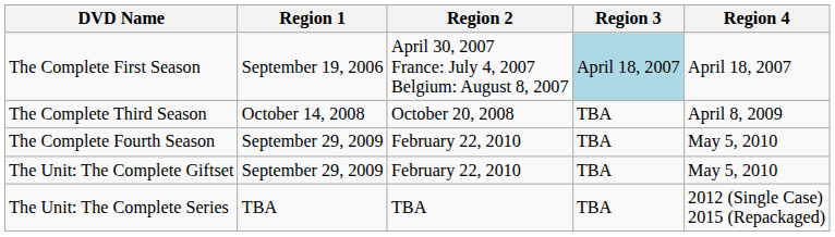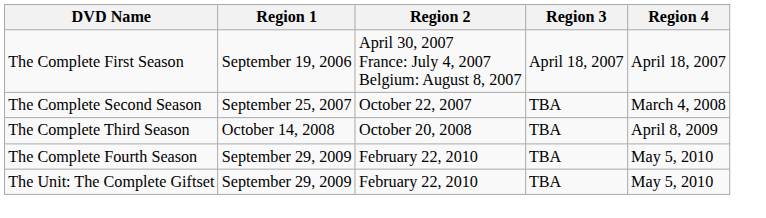 <table class="wikitable">
 <tr>
 <th>DVD Name</th>
 <th>Region 1</th>
 <th>Region 2</th>
 <th>Region 3</th>
 <th>Region 4</th>
 </tr>
 <tr>
 <td>The Complete First Season</td>
 <td>September 19, 2006</td>
 <td>April 30, 2007<br>France: July 4, 2007 <br> Belgium: August 8, 2007</td>
-<td style="background: lightblue;">April 18, 2007</td>
 <td>April 18, 2007</td>
+<td>April 18, 2007</td>
+</tr>
+<tr>
+<td>The Complete Second Season</td>
+<td>September 25, 2007</td>
+<td>October 22, 2007</td>
+<td>TBA</td>
+<td>March 4, 2008</td>
 </tr>
 <tr>
 <td>The Complete Third Season</td>
 <td>October 14, 2008</td>
 <td>October 20, 2008</td>
 <td>TBA</td>
 <td>April 8, 2009</td>
 </tr>
 <tr>
 <td>The Complete Fourth Season</td>
 <td>September 29, 2009</td>
 <td>February 22, 2010</td>
 <td>TBA</td>
 <td>May 5, 2010</td>
 </tr>
 <tr>
 <td>The Unit: The Complete Giftset</td>
 <td>September 29, 2009</td>
 <td>February 22, 2010</td>
 <td>TBA</td>
 <td>May 5, 2010</td>
 </tr>
-<tr>
-<td>The Unit: The Complete Series</td>
-<td>TBA</td>
-<td>TBA</td>
-<td>TBA</td>
-<td>2012 (Single Case)<br>2015 (Repackaged)</td>
-</tr>
 </table>
